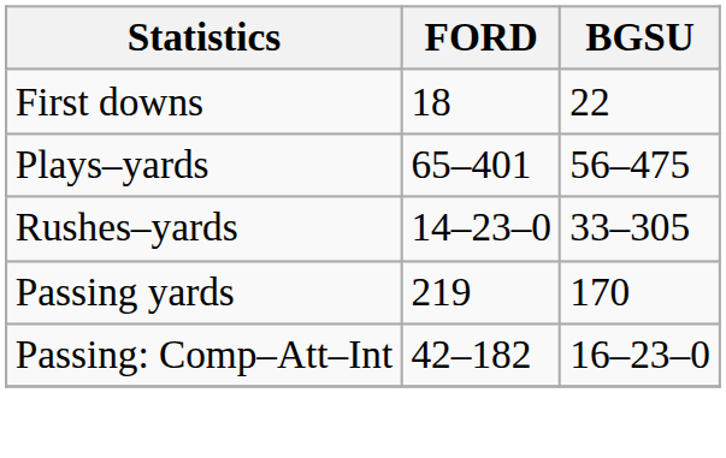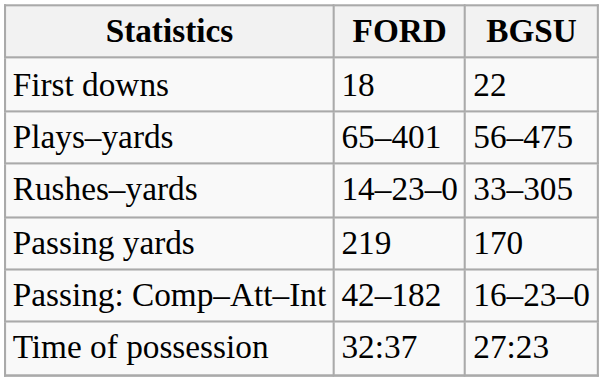 <table class="wikitable" style="float: left;">
 <tr>
 <th>Statistics</th>
 <th>FORD</th>
 <th>BGSU</th>
 </tr>
 <tr>
 <td>First downs</td>
 <td>18</td>
 <td>22</td>
 </tr>
 <tr>
 <td>Plays–yards</td>
 <td>65–401</td>
 <td>56–475</td>
 </tr>
 <tr>
 <td>Rushes–yards</td>
 <td>14–23–0</td>
 <td>33–305</td>
 </tr>
 <tr>
 <td>Passing yards</td>
 <td>219</td>
 <td>170</td>
 </tr>
 <tr>
 <td>Passing: Comp–Att–Int</td>
 <td>42–182</td>
 <td>16–23–0</td>
 </tr>
 <tr>
+<td>Time of possession</td>
+<td>32:37</td>
+<td>27:23</td>
+</tr>
+<tr>
 </tr>
 </table>
